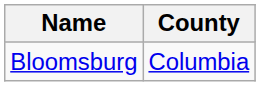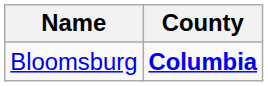 <table class="wikitable sortable">
 <tr>
 <th>Name</th>
 <th>County</th>
 </tr>
 <tr>
 <td><a href='#'>Bloomsburg</a></td>
-<td><a href='#'>Columbia</a></td>
+<td><strong><a href='#'>Columbia</a></strong></td>
 </tr>
 </table>
